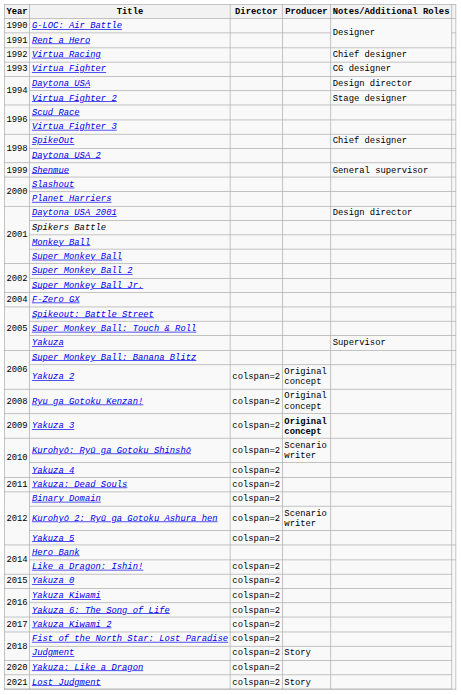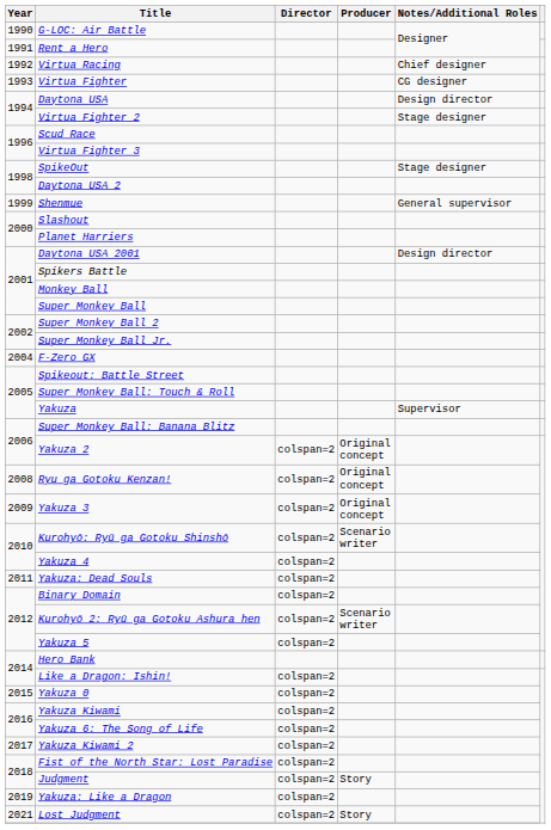 <table class="wikitable sortable">
 <tr>
 <th scope="col">Year</th>
 <th scope="col">Title</th>
 <th scope="col" width=65>Director</th>
 <th scope="col" width=65>Producer</th>
 <th scope="col" class="unsortable">Notes/Additional Roles</th>
 <th scope="col" class="unsortable"></th>
 </tr>
 <tr>
 <td scope="row">1990</td>
 <td><em><a href='#'>G-LOC: Air Battle</a></em></td>
 <td></td>
 <td></td>
 <td rowspan="2">Designer</td>
 <td></td>
 </tr>
 <tr>
 <td scope="row">1991</td>
 <td><em><a href='#'>Rent a Hero</a></em></td>
 <td></td>
 <td></td>
 <td></td>
 </tr>
 <tr>
 <td scope="row">1992</td>
 <td><em><a href='#'>Virtua Racing</a></em></td>
 <td></td>
 <td></td>
 <td>Chief designer</td>
 <td></td>
 </tr>
 <tr>
 <td scope="row">1993</td>
 <td><em><a href='#'>Virtua Fighter</a></em></td>
 <td></td>
 <td></td>
 <td>CG designer</td>
 <td></td>
 </tr>
 <tr>
 <td scope="row" rowspan="2">1994</td>
 <td><em><a href='#'>Daytona USA</a></em></td>
 <td></td>
 <td></td>
 <td>Design director</td>
 <td></td>
 </tr>
 <tr>
 <td><em><a href='#'>Virtua Fighter 2</a></em></td>
 <td></td>
 <td></td>
 <td>Stage designer</td>
 <td></td>
 </tr>
 <tr>
 <td scope="row" rowspan="2">1996</td>
 <td><em><a href='#'>Scud Race</a></em></td>
 <td></td>
 <td></td>
 <td></td>
 <td></td>
 </tr>
 <tr>
 <td><em><a href='#'>Virtua Fighter 3</a></em></td>
 <td></td>
 <td></td>
 <td></td>
 <td></td>
 </tr>
 <tr>
 <td scope="row" rowspan="2">1998</td>
 <td><em><a href='#'>SpikeOut</a></em></td>
 <td></td>
 <td></td>
-<td>Chief designer</td>
+<td>Stage designer</td>
 <td></td>
 </tr>
 <tr>
 <td><em><a href='#'>Daytona USA 2</a></em></td>
 <td></td>
 <td></td>
 <td></td>
 <td></td>
 </tr>
 <tr>
 <td scope="row">1999</td>
 <td><em><a href='#'>Shenmue</a></em></td>
 <td></td>
 <td></td>
 <td>General supervisor</td>
 <td></td>
 </tr>
 <tr>
 <td scope="row" rowspan="2">2000</td>
 <td><em><a href='#'>Slashout</a></em></td>
 <td></td>
 <td></td>
 <td></td>
 <td></td>
 </tr>
 <tr>
 <td><em><a href='#'>Planet Harriers</a></em></td>
 <td></td>
 <td></td>
 <td></td>
 <td></td>
 </tr>
 <tr>
 <td scope="row" rowspan="4">2001</td>
 <td><em><a href='#'>Daytona USA 2001</a></em></td>
 <td></td>
 <td></td>
 <td>Design director</td>
 <td></td>
 </tr>
 <tr>
 <td><em>Spikers Battle</em></td>
 <td></td>
 <td></td>
 <td></td>
 <td></td>
 </tr>
 <tr>
 <td><em><a href='#'>Monkey Ball</a></em></td>
 <td></td>
 <td></td>
 <td></td>
 <td></td>
 </tr>
 <tr>
 <td><em><a href='#'>Super Monkey Ball</a></em></td>
 <td></td>
 <td></td>
 <td></td>
 <td></td>
 </tr>
 <tr>
 <td scope="row" rowspan="2">2002</td>
 <td><em><a href='#'>Super Monkey Ball 2</a></em></td>
 <td></td>
 <td></td>
 <td></td>
 <td></td>
 </tr>
 <tr>
 <td><em><a href='#'>Super Monkey Ball Jr.</a></em></td>
 <td></td>
 <td></td>
 <td></td>
 <td></td>
 </tr>
 <tr>
 <td scope="row">2004</td>
 <td><em><a href='#'>F-Zero GX</a></em></td>
 <td></td>
 <td></td>
 <td></td>
 <td></td>
 </tr>
 <tr>
 <td scope="row" rowspan="3">2005</td>
 <td><em><a href='#'>Spikeout: Battle Street</a></em></td>
 <td></td>
 <td></td>
 <td></td>
 <td></td>
 </tr>
 <tr>
 <td><em><a href='#'>Super Monkey Ball: Touch & Roll</a></em></td>
 <td></td>
 <td></td>
 <td></td>
 <td></td>
 </tr>
 <tr>
 <td><em><a href='#'>Yakuza</a></em></td>
 <td></td>
 <td></td>
 <td>Supervisor</td>
 <td></td>
 </tr>
 <tr>
 <td scope="row" rowspan="2">2006</td>
 <td><em><a href='#'>Super Monkey Ball: Banana Blitz</a></em></td>
 <td></td>
 <td></td>
 <td></td>
 <td></td>
 </tr>
 <tr>
 <td><em><a href='#'>Yakuza 2</a></em></td>
 <td>colspan=2 </td>
 <td>Original concept</td>
 <td></td>
 </tr>
 <tr>
 <td scope="row">2008</td>
 <td><em><a href='#'>Ryu ga Gotoku Kenzan!</a></em></td>
 <td>colspan=2 </td>
 <td>Original concept</td>
 <td></td>
 </tr>
 <tr>
 <td scope="row">2009</td>
 <td><em><a href='#'>Yakuza 3</a></em></td>
 <td>colspan=2 </td>
-<td><strong>Original concept</strong></td>
+<td>Original concept</td>
 <td></td>
 </tr>
 <tr>
 <td scope="row" rowspan="2">2010</td>
 <td><em><a href='#'>Kurohyō: Ryū ga Gotoku Shinshō</a></em></td>
 <td>colspan=2 </td>
 <td>Scenario writer</td>
 <td></td>
 </tr>
 <tr>
 <td><em><a href='#'>Yakuza 4</a></em></td>
 <td>colspan=2 </td>
 <td></td>
 <td></td>
 </tr>
 <tr>
 <td scope="row">2011</td>
 <td><em><a href='#'>Yakuza: Dead Souls</a></em></td>
 <td>colspan=2 </td>
 <td></td>
 <td></td>
 </tr>
 <tr>
 <td scope="row" rowspan="3">2012</td>
 <td><em><a href='#'>Binary Domain</a></em></td>
 <td>colspan=2 </td>
 <td></td>
 <td></td>
 </tr>
 <tr>
 <td><em><a href='#'>Kurohyō 2: Ryū ga Gotoku Ashura hen</a></em></td>
 <td>colspan=2 </td>
 <td>Scenario writer</td>
 <td></td>
 </tr>
 <tr>
 <td><em><a href='#'>Yakuza 5</a></em></td>
 <td>colspan=2 </td>
 <td></td>
 <td></td>
 </tr>
 <tr>
 <td scope="row" rowspan="2">2014</td>
 <td><em><a href='#'>Hero Bank</a></em></td>
 <td></td>
 <td></td>
 <td></td>
 <td></td>
 </tr>
 <tr>
 <td><em><a href='#'>Like a Dragon: Ishin!</a></em></td>
 <td>colspan=2 </td>
 <td></td>
 <td></td>
 </tr>
 <tr>
 <td scope="row">2015</td>
 <td><em><a href='#'>Yakuza 0</a></em></td>
 <td>colspan=2 </td>
 <td></td>
 <td></td>
 </tr>
 <tr>
 <td scope="row" rowspan="2">2016</td>
 <td><em><a href='#'>Yakuza Kiwami</a></em></td>
 <td>colspan=2 </td>
 <td></td>
 <td></td>
 </tr>
 <tr>
 <td><em><a href='#'>Yakuza 6: The Song of Life</a></em></td>
 <td>colspan=2 </td>
 <td></td>
 <td></td>
 </tr>
 <tr>
 <td scope="row">2017</td>
 <td><em><a href='#'>Yakuza Kiwami 2</a></em></td>
 <td>colspan=2 </td>
 <td></td>
 <td></td>
 </tr>
 <tr>
 <td scope="row" rowspan="2">2018</td>
 <td><em><a href='#'>Fist of the North Star: Lost Paradise</a></em></td>
 <td>colspan=2 </td>
 <td></td>
 <td></td>
 </tr>
 <tr>
 <td><em><a href='#'>Judgment</a></em></td>
 <td>colspan=2 </td>
 <td>Story</td>
 <td></td>
 </tr>
 <tr>
-<td scope="row">2020</td>
+<td scope="row">2019</td>
 <td><em><a href='#'>Yakuza: Like a Dragon</a></em></td>
 <td>colspan=2 </td>
 <td></td>
 <td></td>
 </tr>
 <tr>
 <td scope="row">2021</td>
 <td><em><a href='#'>Lost Judgment</a></em></td>
 <td>colspan=2 </td>
 <td>Story</td>
 <td></td>
 </tr>
 <tr>
 </tr>
 </table>
